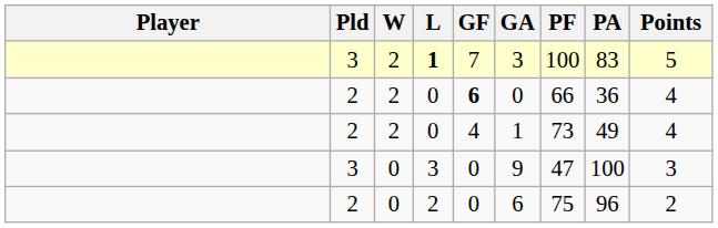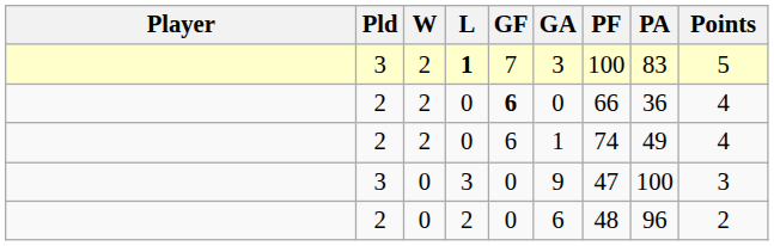 <table class=wikitable style="text-align:center;">
 <tr>
 <th width=220>Player</th>
 <th width=20>Pld</th>
 <th width=20>W</th>
 <th width=20>L</th>
 <th width=20>GF</th>
 <th width=20>GA</th>
 <th width=20>PF</th>
 <th width=20>PA</th>
 <th width=50>Points</th>
 </tr>
 <tr bgcolor=#ffffcc>
 <td style="text-align:left;"></td>
 <td>3</td>
 <td>2</td>
 <td><strong>1</strong></td>
 <td>7</td>
 <td>3</td>
 <td>100</td>
 <td>83</td>
 <td>5</td>
 </tr>
 <tr>
 <td style="text-align:left;"></td>
 <td>2</td>
 <td>2</td>
 <td>0</td>
 <td><strong>6</strong></td>
 <td>0</td>
 <td>66</td>
 <td>36</td>
 <td>4</td>
 </tr>
 <tr>
 <td style="text-align:left;"></td>
 <td>2</td>
 <td>2</td>
 <td>0</td>
-<td>4</td>
+<td>6</td>
 <td>1</td>
-<td>73</td>
+<td>74</td>
 <td>49</td>
 <td>4</td>
 </tr>
 <tr>
 <td style="text-align:left;"></td>
 <td>3</td>
 <td>0</td>
 <td>3</td>
 <td>0</td>
 <td>9</td>
 <td>47</td>
 <td>100</td>
 <td>3</td>
 </tr>
 <tr>
 <td style="text-align:left;"></td>
 <td>2</td>
 <td>0</td>
 <td>2</td>
 <td>0</td>
 <td>6</td>
-<td>75</td>
+<td>48</td>
 <td>96</td>
 <td>2</td>
 </tr>
 </table>
